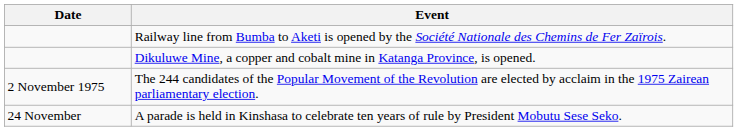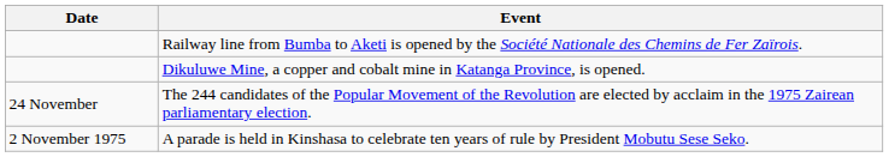 <table class=wikitable>
 <tr>
 <th style="width:9em">Date</th>
 <th>Event</th>
 </tr>
 <tr>
 <td></td>
 <td>Railway line from <a href='#'>Bumba</a> to <a href='#'>Aketi</a> is opened by the <em><a href='#'>Société Nationale des Chemins de Fer Zaïrois</a></em>.</td>
 </tr>
 <tr>
 <td></td>
 <td><a href='#'>Dikuluwe Mine</a>, a copper and cobalt mine in <a href='#'>Katanga Province</a>, is opened.</td>
 </tr>
 <tr>
-<td>2 November 1975</td>
+<td>24 November</td>
 <td>The 244 candidates of the <a href='#'>Popular Movement of the Revolution</a> are elected by acclaim in the <a href='#'>1975 Zairean parliamentary election</a>.</td>
 </tr>
 <tr>
-<td>24 November</td>
+<td>2 November 1975</td>
 <td>A parade is held in Kinshasa to celebrate ten years of rule by President <a href='#'>Mobutu Sese Seko</a>.</td>
 </tr>
 </table>
